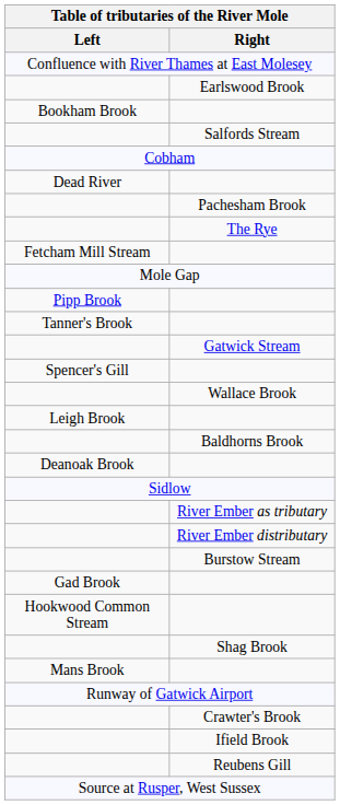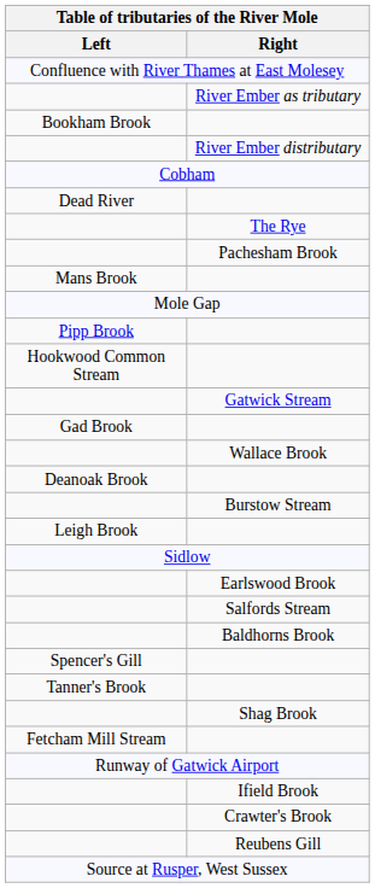 <table class="wikitable collapsible collapsed" cellpadding="100">
 <tr>
 <th colspan="2" style="text-align:center;">Table of tributaries of the River Mole</th>
 </tr>
 <tr>
 <th style="width:170px;">Left</th>
 <th style="width:170px;">Right</th>
 </tr>
 <tr style="background:#F8F8FF">
 <td colspan="2" style="text-align:center;">Confluence with <a href='#'>River Thames</a> at <a href='#'>East Molesey</a></td>
 </tr>
 <tr>
 <td></td>
-<td style="text-align:center;">Earlswood Brook</td>
+<td style="text-align:center;"><a href='#'>River Ember</a> <em>as tributary</em></td>
 </tr>
 <tr>
 <td style="text-align:center;">Bookham Brook</td>
 <td></td>
 </tr>
 <tr>
 <td></td>
-<td style="text-align:center;">Salfords Stream</td>
+<td style="text-align:center;"><a href='#'>River Ember</a> <em>distributary</em></td>
 </tr>
 <tr style="background:#F8F8FF">
 <td style="text-align:center;" colspan="2"><a href='#'>Cobham</a></td>
 </tr>
 <tr>
 <td style="text-align:center;">Dead River</td>
 <td></td>
 </tr>
 <tr>
 <td></td>
+<td style="text-align:center;"><a href='#'>The Rye</a></td>
+</tr>
+<tr>
+<td></td>
 <td style="text-align:center;">Pachesham Brook</td>
 </tr>
 <tr>
-<td></td>
-<td style="text-align:center;"><a href='#'>The Rye</a></td>
-</tr>
-<tr>
-<td style="text-align:center;">Fetcham Mill Stream</td>
+<td style="text-align:center;">Mans Brook</td>
 <td></td>
 </tr>
 <tr style="background:#F8F8FF">
 <td style="text-align:center;" colspan="2">Mole Gap</td>
 </tr>
 <tr>
 <td style="text-align:center;"><a href='#'>Pipp Brook</a></td>
 <td></td>
 </tr>
 <tr>
-<td style="text-align:center;">Tanner's Brook</td>
+<td style="text-align:center;">Hookwood Common Stream</td>
 <td></td>
 </tr>
 <tr>
 <td></td>
 <td style="text-align:center;"><a href='#'>Gatwick Stream</a></td>
 </tr>
 <tr>
-<td style="text-align:center;">Spencer's Gill</td>
+<td style="text-align:center;">Gad Brook</td>
 <td></td>
 </tr>
 <tr>
 <td></td>
 <td style="text-align:center;">Wallace Brook</td>
 </tr>
 <tr>
-<td style="text-align:center;">Leigh Brook</td>
+<td style="text-align:center;">Deanoak Brook</td>
 <td></td>
 </tr>
 <tr>
 <td></td>
-<td style="text-align:center;">Baldhorns Brook</td>
+<td style="text-align:center;">Burstow Stream</td>
 </tr>
 <tr>
-<td style="text-align:center;">Deanoak Brook</td>
+<td style="text-align:center;">Leigh Brook</td>
 <td></td>
 </tr>
 <tr style="background:#F8F8FF">
 <td style="text-align:center;" colspan="2"><a href='#'>Sidlow</a></td>
 </tr>
 <tr>
 <td></td>
-<td style="text-align:center;"><a href='#'>River Ember</a> <em>as tributary</em></td>
+<td style="text-align:center;">Earlswood Brook</td>
 </tr>
 <tr>
 <td></td>
-<td style="text-align:center;"><a href='#'>River Ember</a> <em>distributary</em></td>
+<td style="text-align:center;">Salfords Stream</td>
 </tr>
 <tr>
 <td></td>
-<td style="text-align:center;">Burstow Stream</td>
+<td style="text-align:center;">Baldhorns Brook</td>
 </tr>
 <tr>
-<td style="text-align:center;">Gad Brook</td>
+<td style="text-align:center;">Spencer's Gill</td>
 <td></td>
 </tr>
 <tr>
-<td style="text-align:center;">Hookwood Common Stream</td>
+<td style="text-align:center;">Tanner's Brook</td>
 <td></td>
 </tr>
 <tr>
 <td></td>
 <td style="text-align:center;">Shag Brook</td>
 </tr>
 <tr>
-<td style="text-align:center;">Mans Brook</td>
+<td style="text-align:center;">Fetcham Mill Stream</td>
 <td></td>
 </tr>
 <tr style="background:#F8F8FF">
 <td style="text-align:center;" colspan="2">Runway of <a href='#'>Gatwick Airport</a></td>
 </tr>
 <tr>
 <td></td>
-<td style="text-align:center;">Crawter's Brook</td>
+<td style="text-align:center;">Ifield Brook</td>
 </tr>
 <tr>
 <td></td>
-<td style="text-align:center;">Ifield Brook</td>
+<td style="text-align:center;">Crawter's Brook</td>
 </tr>
 <tr>
 <td></td>
 <td style="text-align:center;">Reubens Gill</td>
 </tr>
 <tr style="background:#F8F8FF">
 <td colspan="2" style="text-align:center;">Source at <a href='#'>Rusper</a>, West Sussex</td>
 </tr>
 </table>
